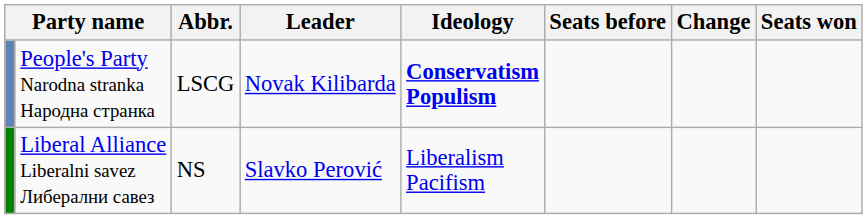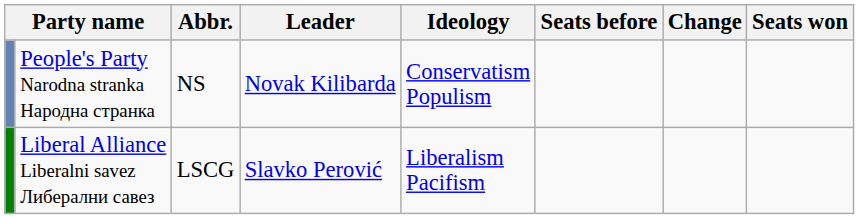 <table class="wikitable" style="text-align; font-size:100%;">
 <tr>
 <th colspan=2>Party name</th>
 <th>Abbr.</th>
 <th>Leader</th>
 <th>Ideology</th>
 <th>Seats before</th>
 <th>Change</th>
 <th>Seats won</th>
 </tr>
 <tr>
 <td style="background-color:#6082B6;"></td>
 <td><a href='#'>People's Party</a><br><small>Narodna stranka<br>Народна странка</small></td>
-<td>LSCG</td>
+<td>NS</td>
 <td><a href='#'>Novak Kilibarda</a></td>
-<td><strong><a href='#'>Conservatism</a><br><a href='#'>Populism</a></strong></td>
+<td><a href='#'>Conservatism</a><br><a href='#'>Populism</a></td>
 <td></td>
 <td></td>
 <td></td>
 </tr>
 <tr>
 <td style="background-color:#008000;"></td>
 <td><a href='#'>Liberal Alliance</a><br><small>Liberalni savez<br>Либерални савез</small></td>
-<td>NS</td>
+<td>LSCG</td>
 <td><a href='#'>Slavko Perović</a></td>
 <td><a href='#'>Liberalism</a><br><a href='#'>Pacifism</a></td>
 <td></td>
 <td></td>
 <td></td>
 </tr>
 </table>
